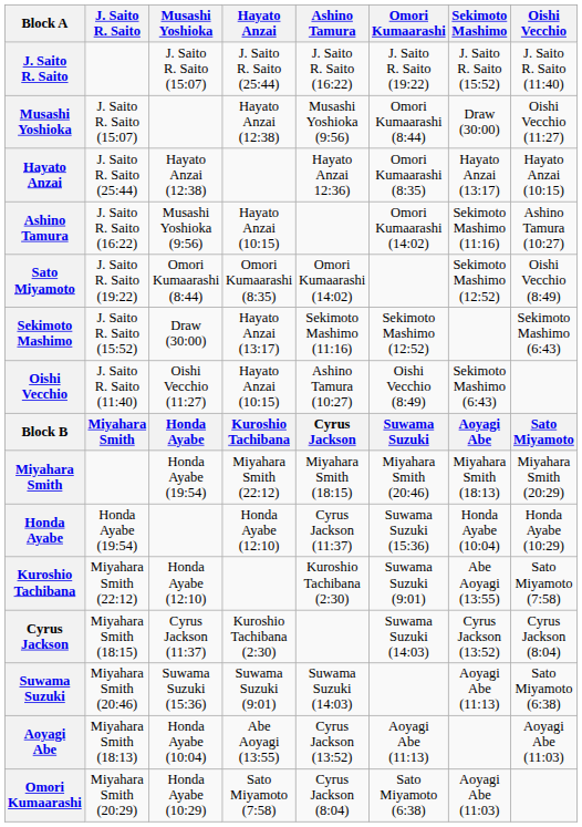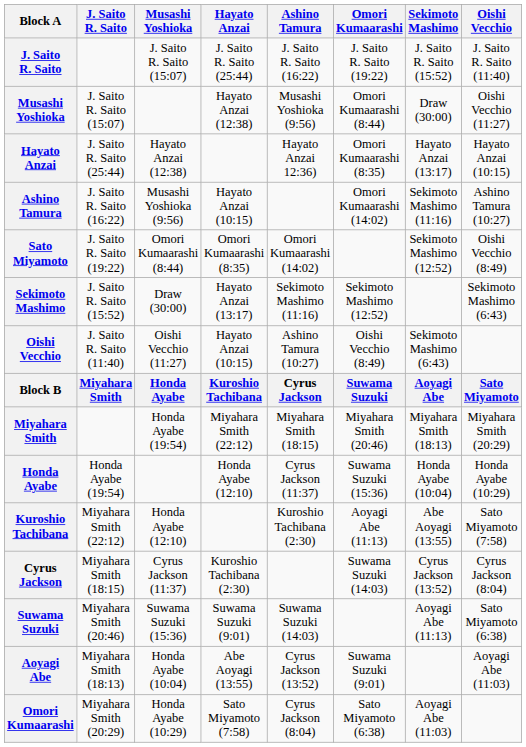 <table class="wikitable" style="margin: 1em auto 1em auto;text-align:center">
 <tr>
 <th>Block A</th>
 <th><a href='#'>J. Saito</a><br><a href='#'>R. Saito</a></th>
 <th><a href='#'>Musashi</a><br><a href='#'>Yoshioka</a></th>
 <th><a href='#'>Hayato</a><br><a href='#'>Anzai</a></th>
 <th><a href='#'>Ashino</a><br><a href='#'>Tamura</a></th>
 <th><a href='#'>Omori</a><br><a href='#'>Kumaarashi</a></th>
 <th><a href='#'>Sekimoto</a><br><a href='#'>Mashimo</a></th>
 <th><a href='#'>Oishi</a><br><a href='#'>Vecchio</a></th>
 </tr>
 <tr>
 <th><a href='#'>J. Saito</a><br><a href='#'>R. Saito</a></th>
 <td></td>
 <td>J. Saito<br>R. Saito<br>(15:07)</td>
 <td>J. Saito<br>R. Saito<br>(25:44)</td>
 <td>J. Saito<br>R. Saito<br>(16:22)</td>
 <td>J. Saito<br>R. Saito<br>(19:22)</td>
 <td>J. Saito<br>R. Saito<br>(15:52)</td>
 <td>J. Saito<br>R. Saito<br>(11:40)</td>
 </tr>
 <tr>
 <th><a href='#'>Musashi</a><br><a href='#'>Yoshioka</a></th>
 <td>J. Saito<br>R. Saito<br>(15:07)</td>
 <td></td>
 <td>Hayato<br>Anzai<br>(12:38)</td>
 <td>Musashi<br>Yoshioka<br>(9:56)</td>
 <td>Omori<br>Kumaarashi<br>(8:44)</td>
 <td>Draw<br>(30:00)</td>
 <td>Oishi<br>Vecchio<br>(11:27)</td>
 </tr>
 <tr>
 <th><a href='#'>Hayato</a><br><a href='#'>Anzai</a></th>
 <td>J. Saito<br>R. Saito<br>(25:44)</td>
 <td>Hayato<br>Anzai<br>(12:38)</td>
 <td></td>
 <td>Hayato<br>Anzai<br>12:36)</td>
 <td>Omori<br>Kumaarashi<br>(8:35)</td>
 <td>Hayato<br>Anzai<br>(13:17)</td>
 <td>Hayato<br>Anzai<br>(10:15)</td>
 </tr>
 <tr>
 <th><a href='#'>Ashino</a><br><a href='#'>Tamura</a></th>
 <td>J. Saito<br>R. Saito<br>(16:22)</td>
 <td>Musashi<br>Yoshioka<br>(9:56)</td>
 <td>Hayato<br>Anzai<br>(10:15)</td>
 <td></td>
 <td>Omori<br>Kumaarashi<br>(14:02)</td>
 <td>Sekimoto<br>Mashimo<br>(11:16)</td>
 <td>Ashino<br>Tamura<br>(10:27)</td>
 </tr>
 <tr>
 <th><a href='#'>Sato</a><br><a href='#'>Miyamoto</a></th>
 <td>J. Saito<br>R. Saito<br>(19:22)</td>
 <td>Omori<br>Kumaarashi<br>(8:44)</td>
 <td>Omori<br>Kumaarashi<br>(8:35)</td>
 <td>Omori<br>Kumaarashi<br>(14:02)</td>
 <td></td>
 <td>Sekimoto<br>Mashimo<br>(12:52)</td>
 <td>Oishi<br>Vecchio<br>(8:49)</td>
 </tr>
 <tr>
 <th><a href='#'>Sekimoto</a><br><a href='#'>Mashimo</a></th>
 <td>J. Saito<br>R. Saito<br>(15:52)</td>
 <td>Draw<br>(30:00)</td>
 <td>Hayato<br>Anzai<br>(13:17)</td>
 <td>Sekimoto<br>Mashimo<br>(11:16)</td>
 <td>Sekimoto<br>Mashimo<br>(12:52)</td>
 <td></td>
 <td>Sekimoto<br>Mashimo<br>(6:43)</td>
 </tr>
 <tr>
 <th><a href='#'>Oishi</a><br><a href='#'>Vecchio</a></th>
 <td>J. Saito<br>R. Saito<br>(11:40)</td>
 <td>Oishi<br>Vecchio<br>(11:27)</td>
 <td>Hayato<br>Anzai<br>(10:15)</td>
 <td>Ashino<br>Tamura<br>(10:27)</td>
 <td>Oishi<br>Vecchio<br>(8:49)</td>
 <td>Sekimoto<br>Mashimo<br>(6:43)</td>
 <td></td>
 </tr>
 <tr>
 <th>Block B</th>
 <th><a href='#'>Miyahara</a><br><a href='#'>Smith</a></th>
 <th><a href='#'>Honda</a><br><a href='#'>Ayabe</a></th>
 <th><a href='#'>Kuroshio</a><br><a href='#'>Tachibana</a></th>
 <th>Cyrus<br><a href='#'>Jackson</a></th>
 <th><a href='#'>Suwama</a><br><a href='#'>Suzuki</a></th>
 <th><a href='#'>Aoyagi</a><br><a href='#'>Abe</a></th>
 <th><a href='#'>Sato</a><br><a href='#'>Miyamoto</a></th>
 </tr>
 <tr>
 <th><a href='#'>Miyahara</a><br><a href='#'>Smith</a></th>
 <td></td>
 <td>Honda<br>Ayabe<br>(19:54)</td>
 <td>Miyahara<br>Smith<br>(22:12)</td>
 <td>Miyahara<br>Smith<br>(18:15)</td>
 <td>Miyahara<br>Smith<br>(20:46)</td>
 <td>Miyahara<br>Smith<br>(18:13)</td>
 <td>Miyahara<br>Smith<br>(20:29)</td>
 </tr>
 <tr>
 <th><a href='#'>Honda</a><br><a href='#'>Ayabe</a></th>
 <td>Honda<br>Ayabe<br>(19:54)</td>
 <td></td>
 <td>Honda<br>Ayabe<br>(12:10)</td>
 <td>Cyrus<br>Jackson<br>(11:37)</td>
 <td>Suwama<br>Suzuki<br>(15:36)</td>
 <td>Honda<br>Ayabe<br>(10:04)</td>
 <td>Honda<br>Ayabe<br>(10:29)</td>
 </tr>
 <tr>
 <th><a href='#'>Kuroshio</a><br><a href='#'>Tachibana</a></th>
 <td>Miyahara<br>Smith<br>(22:12)</td>
 <td>Honda<br>Ayabe<br>(12:10)</td>
 <td></td>
 <td>Kuroshio<br>Tachibana<br>(2:30)</td>
-<td>Suwama<br>Suzuki<br>(9:01)</td>
+<td>Aoyagi<br>Abe<br>(11:13)</td>
 <td>Abe<br>Aoyagi<br>(13:55)</td>
 <td>Sato<br>Miyamoto<br>(7:58)</td>
 </tr>
 <tr>
 <th>Cyrus<br><a href='#'>Jackson</a></th>
 <td>Miyahara<br>Smith<br>(18:15)</td>
 <td>Cyrus<br>Jackson<br>(11:37)</td>
 <td>Kuroshio<br>Tachibana<br>(2:30)</td>
 <td></td>
 <td>Suwama<br>Suzuki<br>(14:03)</td>
 <td>Cyrus<br>Jackson<br>(13:52)</td>
 <td>Cyrus<br>Jackson<br>(8:04)</td>
 </tr>
 <tr>
 <th><a href='#'>Suwama</a><br><a href='#'>Suzuki</a></th>
 <td>Miyahara<br>Smith<br>(20:46)</td>
 <td>Suwama<br>Suzuki<br>(15:36)</td>
 <td>Suwama<br>Suzuki<br>(9:01)</td>
 <td>Suwama<br>Suzuki<br>(14:03)</td>
 <td></td>
 <td>Aoyagi<br>Abe<br>(11:13)</td>
 <td>Sato<br>Miyamoto<br>(6:38)</td>
 </tr>
 <tr>
 <th><a href='#'>Aoyagi</a><br><a href='#'>Abe</a></th>
 <td>Miyahara<br>Smith<br>(18:13)</td>
 <td>Honda<br>Ayabe<br>(10:04)</td>
 <td>Abe<br>Aoyagi<br>(13:55)</td>
 <td>Cyrus<br>Jackson<br>(13:52)</td>
-<td>Aoyagi<br>Abe<br>(11:13)</td>
+<td>Suwama<br>Suzuki<br>(9:01)</td>
 <td></td>
 <td>Aoyagi<br>Abe<br>(11:03)</td>
 </tr>
 <tr>
 <th><a href='#'>Omori</a><br><a href='#'>Kumaarashi</a></th>
 <td>Miyahara<br>Smith<br>(20:29)</td>
 <td>Honda<br>Ayabe<br>(10:29)</td>
 <td>Sato<br>Miyamoto<br>(7:58)</td>
 <td>Cyrus<br>Jackson<br>(8:04)</td>
 <td>Sato<br>Miyamoto<br>(6:38)</td>
 <td>Aoyagi<br>Abe<br>(11:03)</td>
 <td></td>
 </tr>
 </table>
